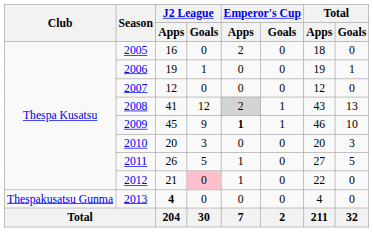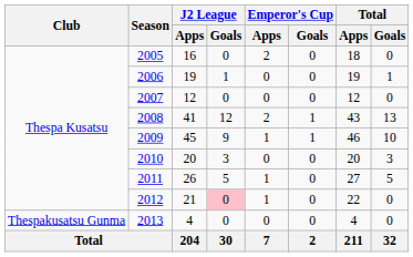 <table class="wikitable" style="text-align:center;">
 <tr>
 <th rowspan=2>Club</th>
 <th rowspan=2>Season</th>
 <th colspan=2><a href='#'>J2 League</a></th>
 <th colspan=2><a href='#'>Emperor's Cup</a></th>
 <th colspan=2>Total</th>
 </tr>
 <tr>
 <th>Apps</th>
 <th>Goals</th>
 <th>Apps</th>
 <th>Goals</th>
 <th>Apps</th>
 <th>Goals</th>
 </tr>
 <tr>
 <td rowspan="8"><a href='#'>Thespa Kusatsu</a></td>
 <td><a href='#'>2005</a></td>
 <td>16</td>
 <td>0</td>
 <td>2</td>
 <td>0</td>
 <td>18</td>
 <td>0</td>
 </tr>
 <tr>
 <td><a href='#'>2006</a></td>
 <td>19</td>
 <td>1</td>
 <td>0</td>
 <td>0</td>
 <td>19</td>
 <td>1</td>
 </tr>
 <tr>
 <td><a href='#'>2007</a></td>
 <td>12</td>
 <td>0</td>
 <td>0</td>
 <td>0</td>
 <td>12</td>
 <td>0</td>
 </tr>
 <tr>
 <td><a href='#'>2008</a></td>
 <td>41</td>
 <td>12</td>
-<td style="background: lightgrey;">2</td>
+<td>2</td>
 <td>1</td>
 <td>43</td>
 <td>13</td>
 </tr>
 <tr>
 <td><a href='#'>2009</a></td>
 <td>45</td>
 <td>9</td>
-<td><strong>1</strong></td>
+<td>1</td>
 <td>1</td>
 <td>46</td>
 <td>10</td>
 </tr>
 <tr>
 <td><a href='#'>2010</a></td>
 <td>20</td>
 <td>3</td>
 <td>0</td>
 <td>0</td>
 <td>20</td>
 <td>3</td>
 </tr>
 <tr>
 <td><a href='#'>2011</a></td>
 <td>26</td>
 <td>5</td>
 <td>1</td>
 <td>0</td>
 <td>27</td>
 <td>5</td>
 </tr>
 <tr>
 <td><a href='#'>2012</a></td>
 <td>21</td>
 <td style="background: pink;">0</td>
 <td>1</td>
 <td>0</td>
 <td>22</td>
 <td>0</td>
 </tr>
 <tr>
 <td><a href='#'>Thespakusatsu Gunma</a></td>
 <td><a href='#'>2013</a></td>
-<td><strong>4</strong></td>
+<td>4</td>
 <td>0</td>
 <td>0</td>
 <td>0</td>
 <td>4</td>
 <td>0</td>
 </tr>
 <tr>
 <th colspan=2>Total</th>
 <th>204</th>
 <th>30</th>
 <th>7</th>
 <th>2</th>
 <th>211</th>
 <th>32</th>
 </tr>
 </table>
